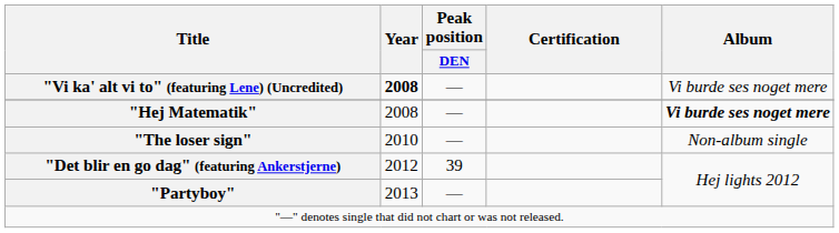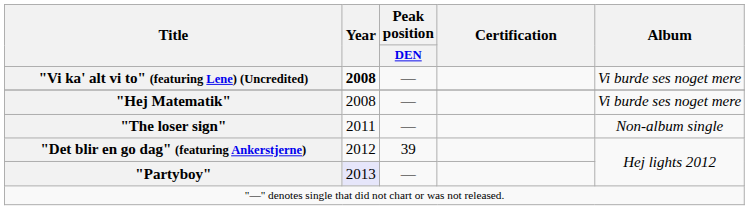 <table class="wikitable plainrowheaders" style="text-align:center;">
 <tr>
 <th scope="col" rowspan="2" style="width:22em;">Title</th>
 <th scope="col" rowspan="2">Year</th>
 <th scope="col" colspan="1">Peak <br>position</th>
 <th scope="col" rowspan="2" style="width:10em;">Certification</th>
 <th scope="col" rowspan="2">Album</th>
 </tr>
 <tr>
 <th scope="col" style="width:3em;font-size:85%;"><a href='#'>DEN</a><br></th>
 </tr>
 <tr>
 <th scope="row">"Vi ka' alt vi to" <small>(featuring <a href='#'>Lene</a>) (Uncredited)</small></th>
 <td rowspan="1"><strong>2008</strong></td>
 <td>—</td>
 <td></td>
 <td><em>Vi burde ses noget mere</em></td>
 </tr>
 <tr>
 </tr>
 <tr>
 <th scope="row">"Hej Matematik"</th>
 <td rowspan="1">2008</td>
 <td>—</td>
 <td></td>
-<td><strong><em>Vi burde ses noget mere</em></strong></td>
+<td><em>Vi burde ses noget mere</em></td>
 </tr>
 <tr>
 <th scope="row">"The loser sign"</th>
-<td rowspan="1">2010</td>
+<td rowspan="1">2011</td>
 <td>—</td>
 <td></td>
 <td><em>Non-album single</em></td>
 </tr>
 <tr>
 <th scope="row">"Det blir en go dag" <small>(featuring <a href='#'>Ankerstjerne</a>)</small></th>
 <td rowspan="1">2012</td>
 <td>39</td>
 <td></td>
 <td rowspan="2"><em>Hej lights 2012</em></td>
 </tr>
 <tr>
 <th scope="row">"Partyboy"</th>
-<td rowspan="1">2013</td>
+<td rowspan="1" style="background: lavender;">2013</td>
 <td>—</td>
 <td></td>
 </tr>
 <tr>
 <td colspan="7" style="font-size:9pt;text-align:center;">"—" denotes single that did not chart or was not released.</td>
 </tr>
 </table>
